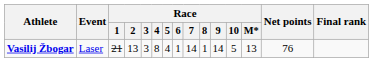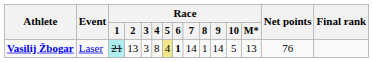 <table class="wikitable" style="font-size:90%">
 <tr>
 <th rowspan=2>Athlete</th>
 <th rowspan=2>Event</th>
 <th colspan=11>Race</th>
 <th rowspan=2>Net points</th>
 <th rowspan=2>Final rank</th>
 </tr>
 <tr style="font-size:95%">
 <th>1</th>
 <th>2</th>
 <th>3</th>
 <th>4</th>
 <th>5</th>
 <th>6</th>
 <th>7</th>
 <th>8</th>
 <th>9</th>
 <th>10</th>
 <th>M*</th>
 </tr>
 <tr align=center>
 <td align=left><strong><a href='#'>Vasilij Žbogar</a></strong></td>
 <td align=left><a href='#'>Laser</a></td>
-<td><s>21</s></td>
+<td style="background: paleturquoise;"><s>21</s></td>
 <td>13</td>
 <td>3</td>
 <td>8</td>
-<td>4</td>
-<td>1</td>
+<td style="background: khaki;">4</td>
+<td><strong>1</strong></td>
 <td>14</td>
 <td>1</td>
 <td>14</td>
 <td>5</td>
 <td>13</td>
 <td>76</td>
 <td></td>
 </tr>
 </table>
